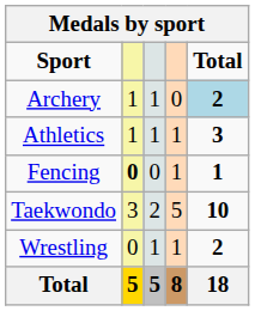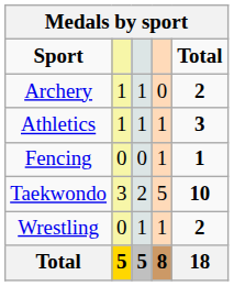 <table class="wikitable" style="font-size:85%; text-align:center;">
 <tr style="background:#efefef;">
 <th colspan=5><strong>Medals by sport</strong></th>
 </tr>
 <tr>
 <td><strong>Sport</strong></td>
 <td style="background:#f7f6a8;"></td>
 <td style="background:#dce5e5;"></td>
 <td style="background:#ffdab9;"></td>
 <td><strong>Total</strong></td>
 </tr>
 <tr>
 <td><a href='#'>Archery</a></td>
 <td style="background:#F7F6A8;">1</td>
 <td style="background:#DCE5E5;">1</td>
 <td style="background:#FFDAB9;">0</td>
-<td style="background: lightblue;"><strong>2</strong></td>
+<td><strong>2</strong></td>
 </tr>
 <tr>
 <td><a href='#'>Athletics</a></td>
 <td style="background:#F7F6A8;">1</td>
 <td style="background:#DCE5E5;">1</td>
 <td style="background:#FFDAB9;">1</td>
 <td><strong>3</strong></td>
 </tr>
 <tr>
 <td><a href='#'>Fencing</a></td>
-<td style="background:#F7F6A8;"><strong>0</strong></td>
+<td style="background:#F7F6A8;">0</td>
 <td style="background:#DCE5E5;">0</td>
 <td style="background:#FFDAB9;">1</td>
 <td><strong>1</strong></td>
 </tr>
 <tr>
 <td><a href='#'>Taekwondo</a></td>
 <td style="background:#F7F6A8;">3</td>
 <td style="background:#DCE5E5;">2</td>
 <td style="background:#FFDAB9;">5</td>
 <td><strong>10</strong></td>
 </tr>
 <tr>
 <td><a href='#'>Wrestling</a></td>
 <td style="background:#F7F6A8;">0</td>
 <td style="background:#DCE5E5;">1</td>
 <td style="background:#FFDAB9;">1</td>
 <td><strong>2</strong></td>
 </tr>
 <tr>
 <th>Total</th>
 <th style="background:gold;"  >5</th>
 <th style="background:silver;">5</th>
 <th style="background:#c96;"  >8</th>
 <th>18</th>
 </tr>
 </table>
